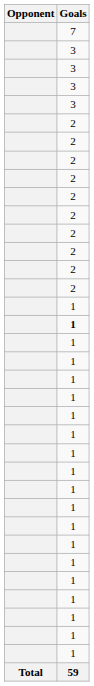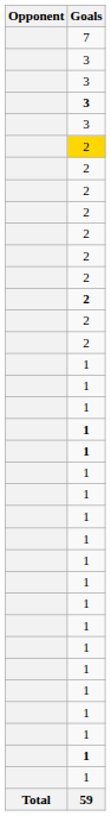 <table class="wikitable plainrowheaders sortable" style="text-align:center; font-size:95%">
 <tr>
 <th scope="col">Opponent</th>
 <th scope="col">Goals</th>
 </tr>
 <tr>
 <th scope="row"></th>
 <td>7</td>
 </tr>
 <tr>
 <th scope="row"></th>
 <td>3</td>
 </tr>
 <tr>
 <th scope="row"></th>
 <td>3</td>
 </tr>
 <tr>
 <th scope="row"></th>
+<td><strong>3</strong></td>
+</tr>
+<tr>
+<th scope="row"></th>
 <td>3</td>
 </tr>
 <tr>
 <th scope="row"></th>
-<td>3</td>
+<td style="background: gold;">2</td>
 </tr>
 <tr>
 <th scope="row"></th>
 <td>2</td>
 </tr>
 <tr>
 <th scope="row"></th>
 <td>2</td>
 </tr>
 <tr>
 <th scope="row"></th>
 <td>2</td>
 </tr>
 <tr>
 <th scope="row"></th>
 <td>2</td>
 </tr>
 <tr>
 <th scope="row"></th>
 <td>2</td>
 </tr>
 <tr>
 <th scope="row"></th>
 <td>2</td>
 </tr>
 <tr>
 <th scope="row"></th>
-<td>2</td>
-</tr>
-<tr>
-<th scope="row"></th>
-<td>2</td>
+<td><strong>2</strong></td>
 </tr>
 <tr>
 <th scope="row"></th>
 <td>2</td>
 </tr>
 <tr>
 <th scope="row"></th>
 <td>2</td>
 </tr>
 <tr>
 <th scope="row"></th>
 <td>1</td>
+</tr>
+<tr>
+<th scope="row"></th>
+<td>1</td>
+</tr>
+<tr>
+<th scope="row"></th>
+<td>1</td>
+</tr>
+<tr>
+<th scope="row"></th>
+<td><strong>1</strong></td>
 </tr>
 <tr>
 <th scope="row"></th>
 <td><strong>1</strong></td>
 </tr>
 <tr>
 <th scope="row"></th>
 <td>1</td>
 </tr>
 <tr>
 <th scope="row"></th>
 <td>1</td>
 </tr>
 <tr>
 <th scope="row"></th>
 <td>1</td>
 </tr>
 <tr>
 <th scope="row"></th>
 <td>1</td>
 </tr>
 <tr>
 <th scope="row"></th>
 <td>1</td>
 </tr>
 <tr>
 <th scope="row"></th>
 <td>1</td>
 </tr>
 <tr>
 <th scope="row"></th>
 <td>1</td>
 </tr>
 <tr>
 <th scope="row"></th>
 <td>1</td>
 </tr>
 <tr>
 <th scope="row"></th>
 <td>1</td>
 </tr>
 <tr>
 <th scope="row"></th>
 <td>1</td>
 </tr>
 <tr>
 <th scope="row"></th>
 <td>1</td>
 </tr>
 <tr>
 <th scope="row"></th>
 <td>1</td>
 </tr>
 <tr>
 <th scope="row"></th>
 <td>1</td>
 </tr>
 <tr>
 <th scope="row"></th>
-<td>1</td>
-</tr>
-<tr>
-<th scope="row"></th>
-<td>1</td>
-</tr>
-<tr>
-<th scope="row"></th>
-<td>1</td>
-</tr>
-<tr>
-<th scope="row"></th>
-<td>1</td>
+<td><strong>1</strong></td>
 </tr>
 <tr>
 <th scope="row"></th>
 <td>1</td>
 </tr>
 <tr>
 <th>Total</th>
 <th>59</th>
 </tr>
 </table>
